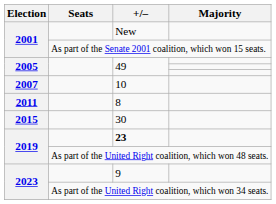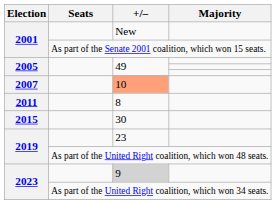 <table class=wikitable>
 <tr>
 <th>Election</th>
 <th>Seats</th>
 <th>+/–</th>
 <th>Majority</th>
 </tr>
 <tr>
 <th rowspan="2"><a href='#'>2001</a></th>
 <td></td>
 <td>New</td>
 <td></td>
 </tr>
 <tr>
 <td colspan="3"><small>As part of the <a href='#'>Senate 2001</a> coalition, which won 15 seats.</small></td>
 </tr>
 <tr>
 <th rowspan="3"><a href='#'>2005</a></th>
 <td rowspan="3"></td>
 <td rowspan="3"> 49</td>
 <td></td>
 </tr>
 <tr>
 <td></td>
 </tr>
 <tr>
 <td></td>
 </tr>
 <tr>
 <th><a href='#'>2007</a></th>
 <td></td>
-<td> 10</td>
+<td style="background: lightsalmon;"> 10</td>
 <td></td>
 </tr>
 <tr>
 <th><a href='#'>2011</a></th>
 <td></td>
 <td> 8</td>
 <td></td>
 </tr>
 <tr>
 <th><a href='#'>2015</a></th>
 <td></td>
 <td> 30</td>
 <td></td>
 </tr>
 <tr>
 <th rowspan="2"><a href='#'>2019</a></th>
 <td></td>
-<td><strong> 23</strong></td>
+<td> 23</td>
 <td></td>
 </tr>
 <tr>
 <td colspan="3"><small>As part of the <a href='#'>United Right</a> coalition, which won 48 seats.</small></td>
 </tr>
 <tr>
 <th rowspan="2"><a href='#'>2023</a></th>
 <td></td>
-<td> 9</td>
+<td style="background: lightgrey;"> 9</td>
 <td></td>
 </tr>
 <tr>
 <td colspan="3"><small>As part of the <a href='#'>United Right</a> coalition, which won 34 seats.</small></td>
 </tr>
 </table>
